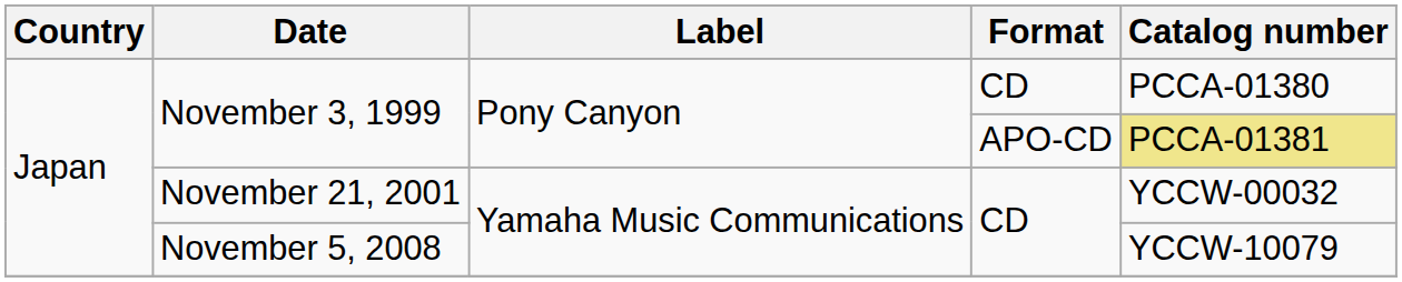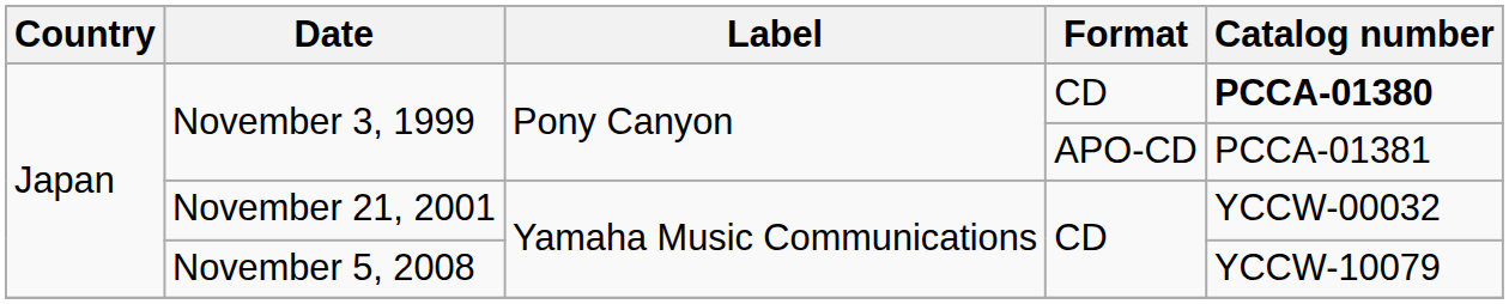 <table class="wikitable">
 <tr>
 <th>Country</th>
 <th>Date</th>
 <th>Label</th>
 <th>Format</th>
 <th>Catalog number</th>
 </tr>
 <tr>
 <td rowspan="4">Japan</td>
 <td rowspan="2">November 3, 1999</td>
 <td rowspan="2">Pony Canyon</td>
 <td>CD</td>
-<td>PCCA-01380</td>
+<td><strong>PCCA-01380</strong></td>
 </tr>
 <tr>
 <td>APO-CD</td>
-<td style="background: khaki;">PCCA-01381</td>
+<td>PCCA-01381</td>
 </tr>
 <tr>
 <td>November 21, 2001</td>
 <td rowspan="2">Yamaha Music Communications</td>
 <td rowspan="2">CD</td>
 <td>YCCW-00032</td>
 </tr>
 <tr>
 <td>November 5, 2008</td>
 <td>YCCW-10079</td>
 </tr>
 <tr>
 </tr>
 </table>
